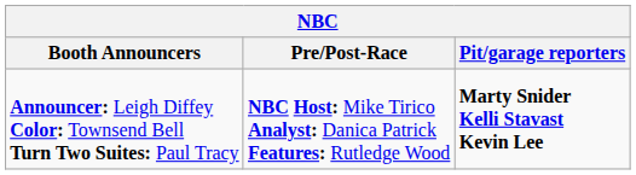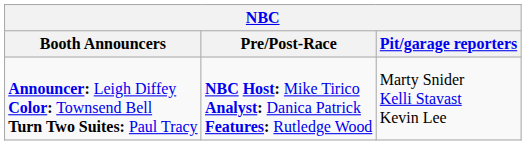 <table class="wikitable" style="font-size: 95%;">
 <tr>
 <th colspan=3><a href='#'>NBC</a></th>
 </tr>
 <tr>
 <th>Booth Announcers</th>
 <th>Pre/Post-Race</th>
 <th><a href='#'>Pit/garage reporters</a></th>
 </tr>
 <tr>
 <td valign="top"><br><strong><a href='#'>Announcer</a>:</strong> <a href='#'>Leigh Diffey</a><br> <strong><a href='#'>Color</a>:</strong> <a href='#'>Townsend Bell</a><br> <strong>Turn Two Suites:</strong> <a href='#'>Paul Tracy</a><br></td>
 <td valign="top"><br><strong><a href='#'>NBC</a> <a href='#'>Host</a>:</strong> <a href='#'>Mike Tirico</a><br> <strong><a href='#'>Analyst</a>:</strong> <a href='#'>Danica Patrick</a><br> <strong><a href='#'>Features</a>:</strong> <a href='#'>Rutledge Wood</a><br></td>
-<td><strong>Marty Snider<br><a href='#'>Kelli Stavast</a><br>Kevin Lee</strong></td>
+<td>Marty Snider<br><a href='#'>Kelli Stavast</a><br>Kevin Lee</td>
 </tr>
 </table>
